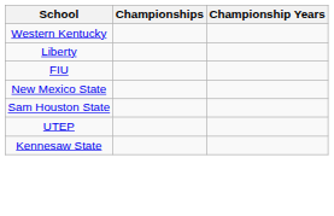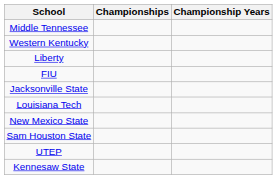 <table class="wikitable sortable" style="text-align:center">
 <tr>
 <th width=px>School</th>
 <th width=px>Championships</th>
 <th width=px>Championship Years</th>
+</tr>
+<tr>
+<td><a href='#'>Middle Tennessee</a></td>
+<td></td>
+<td></td>
 </tr>
 <tr>
 <td><a href='#'>Western Kentucky</a></td>
 <td></td>
 <td></td>
 </tr>
 <tr>
 <td><a href='#'>Liberty</a></td>
 <td></td>
 <td></td>
 </tr>
 <tr>
 <td><a href='#'>FIU</a></td>
+<td></td>
+<td></td>
+</tr>
+<tr>
+<td><a href='#'>Jacksonville State</a></td>
+<td></td>
+<td></td>
+</tr>
+<tr>
+<td><a href='#'>Louisiana Tech</a></td>
 <td></td>
 <td></td>
 </tr>
 <tr>
 <td><a href='#'>New Mexico State</a></td>
 <td></td>
 <td></td>
 </tr>
 <tr>
 <td><a href='#'>Sam Houston State</a></td>
 <td></td>
 <td></td>
 </tr>
 <tr>
 <td><a href='#'>UTEP</a></td>
 <td></td>
 <td></td>
 </tr>
 <tr>
 <td><a href='#'>Kennesaw State</a></td>
 <td></td>
 <td></td>
 </tr>
 </table>
